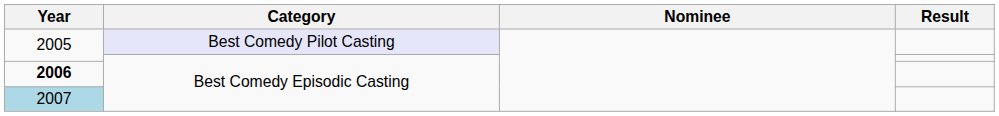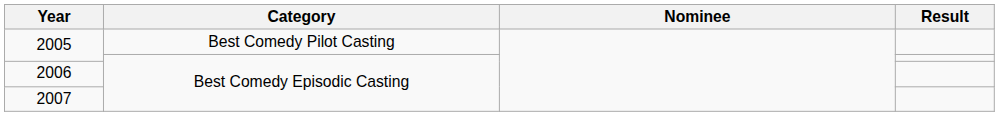 <table class="wikitable" width="80%">
 <tr>
 <th width="10%">Year</th>
 <th width="40%">Category</th>
 <th width="40%">Nominee</th>
 <th width="10%">Result</th>
 </tr>
 <tr>
 <td rowspan="2" align="center">2005</td>
-<td align="center" style="background: lavender;">Best Comedy Pilot Casting</td>
+<td align="center">Best Comedy Pilot Casting</td>
 <td align="center" rowspan="4"></td>
 <td></td>
 </tr>
 <tr>
 <td align="center" rowspan="3">Best Comedy Episodic Casting</td>
 <td></td>
 </tr>
 <tr>
-<td align="center"><strong>2006</strong></td>
+<td align="center">2006</td>
 <td></td>
 </tr>
 <tr>
-<td align="center" style="background: lightblue;">2007</td>
+<td align="center">2007</td>
 <td></td>
 </tr>
 </table>
